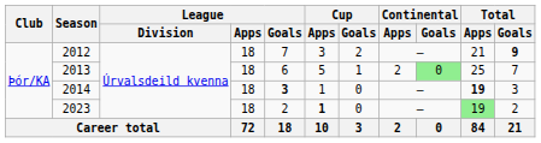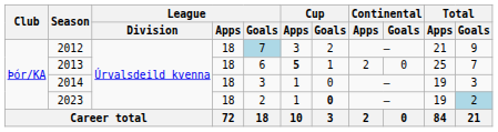 <table class="wikitable" style="text-align: center;">
 <tr>
 <th rowspan="2">Club</th>
 <th rowspan="2">Season</th>
 <th colspan="3">League</th>
 <th colspan="2">Cup</th>
 <th colspan="2">Continental</th>
 <th colspan="2">Total</th>
 </tr>
 <tr>
 <th>Division</th>
 <th>Apps</th>
 <th>Goals</th>
 <th>Apps</th>
 <th>Goals</th>
 <th>Apps</th>
 <th>Goals</th>
 <th>Apps</th>
 <th>Goals</th>
 </tr>
 <tr>
 <td rowspan="4"><a href='#'>Þór/KA</a></td>
 <td>2012</td>
 <td rowspan="4"><a href='#'>Úrvalsdeild kvenna</a></td>
 <td>18</td>
-<td>7</td>
+<td style="background: lightblue;">7</td>
 <td>3</td>
 <td>2</td>
 <td colspan="2">—</td>
 <td>21</td>
-<td><strong>9</strong></td>
+<td>9</td>
 </tr>
 <tr>
 <td>2013</td>
 <td>18</td>
 <td>6</td>
-<td>5</td>
+<td><strong>5</strong></td>
 <td>1</td>
 <td>2</td>
-<td style="background: lightgreen;">0</td>
+<td>0</td>
 <td>25</td>
 <td>7</td>
 </tr>
 <tr>
 <td>2014</td>
 <td>18</td>
-<td><strong>3</strong></td>
+<td>3</td>
 <td>1</td>
 <td>0</td>
 <td colspan="2">—</td>
-<td><strong>19</strong></td>
+<td>19</td>
 <td>3</td>
 </tr>
 <tr>
 <td>2023</td>
 <td>18</td>
 <td>2</td>
-<td><strong>1</strong></td>
-<td>0</td>
+<td>1</td>
+<td><strong>0</strong></td>
 <td colspan="2">—</td>
-<td style="background: lightgreen;">19</td>
-<td>2</td>
+<td>19</td>
+<td style="background: lightblue;">2</td>
 </tr>
 <tr>
 <th colspan="3">Career total</th>
 <th>72</th>
 <th>18</th>
 <th>10</th>
 <th>3</th>
 <th>2</th>
 <th>0</th>
 <th>84</th>
 <th>21</th>
 </tr>
 </table>
